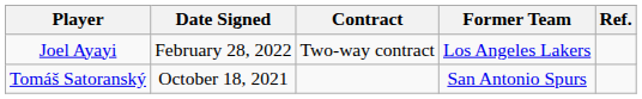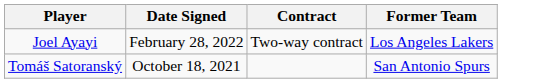 <table class="wikitable sortable sortable" style="text-align: center">
 <tr>
 <th>Player</th>
 <th>Date Signed</th>
 <th>Contract</th>
 <th>Former Team</th>
-<th>Ref.</th>
 </tr>
 <tr>
 <td><a href='#'>Joel Ayayi</a></td>
 <td>February 28, 2022</td>
 <td>Two-way contract</td>
 <td><a href='#'>Los Angeles Lakers</a></td>
-<td></td>
 </tr>
 <tr>
 <td><a href='#'>Tomáš Satoranský</a></td>
 <td>October 18, 2021</td>
 <td></td>
 <td><a href='#'>San Antonio Spurs</a></td>
-<td></td>
 </tr>
 </table>
